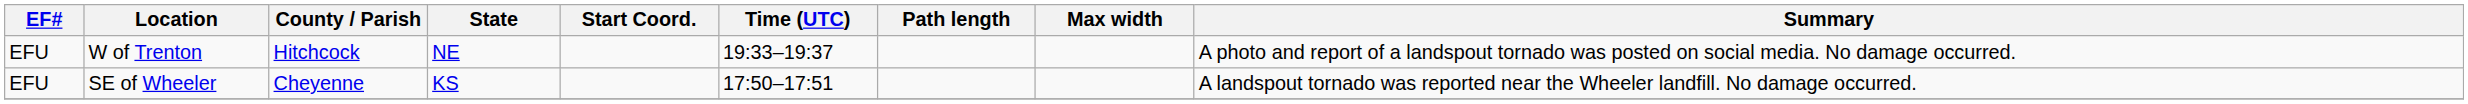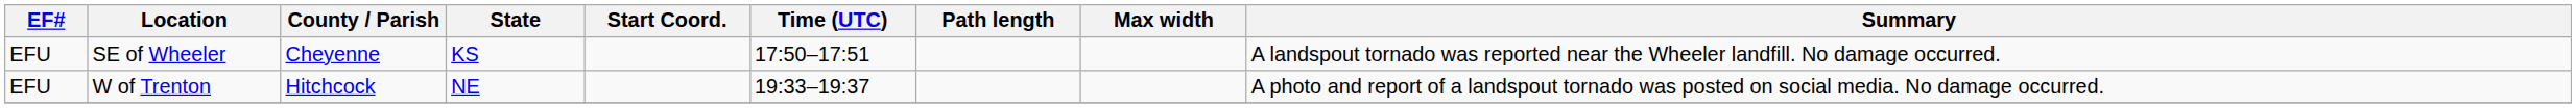 <table class="wikitable sortable" style="width:100%;">
 <tr>
 <th scope="col"  style="width:3%; text-align:center;"><a href='#'>EF#</a></th>
 <th scope="col"  style="width:7%; text-align:center;" class="unsortable">Location</th>
 <th scope="col"  style="width:6%; text-align:center;" class="unsortable">County / Parish</th>
 <th scope="col"  style="width:5%; text-align:center;">State</th>
 <th scope="col"  style="width:6%; text-align:center;">Start Coord.</th>
 <th scope="col"  style="width:6%; text-align:center;">Time (<a href='#'>UTC</a>)</th>
 <th scope="col"  style="width:6%; text-align:center;">Path length</th>
 <th scope="col"  style="width:6%; text-align:center;">Max width</th>
 <th scope="col" class="unsortable" style="width:48%; text-align:center;">Summary</th>
 </tr>
 <tr>
 <td>EFU</td>
+<td>SE of <a href='#'>Wheeler</a></td>
+<td><a href='#'>Cheyenne</a></td>
+<td><a href='#'>KS</a></td>
+<td></td>
+<td>17:50–17:51</td>
+<td></td>
+<td></td>
+<td>A landspout tornado was reported near the Wheeler landfill. No damage occurred.</td>
+</tr>
+<tr>
+<td>EFU</td>
 <td>W of <a href='#'>Trenton</a></td>
 <td><a href='#'>Hitchcock</a></td>
 <td><a href='#'>NE</a></td>
 <td></td>
 <td>19:33–19:37</td>
 <td></td>
 <td></td>
 <td>A photo and report of a landspout tornado was posted on social media. No damage occurred.</td>
 </tr>
 <tr>
-<td>EFU</td>
-<td>SE of <a href='#'>Wheeler</a></td>
-<td><a href='#'>Cheyenne</a></td>
-<td><a href='#'>KS</a></td>
-<td></td>
-<td>17:50–17:51</td>
-<td></td>
-<td></td>
-<td>A landspout tornado was reported near the Wheeler landfill. No damage occurred.</td>
-</tr>
-<tr>
 </tr>
 </table>
